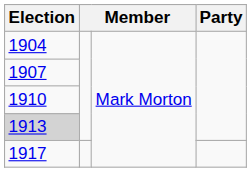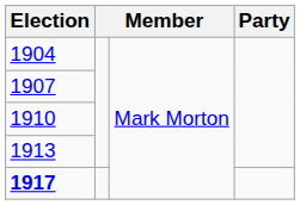 <table class="wikitable">
 <tr>
 <th>Election</th>
 <th colspan="2">Member</th>
 <th>Party</th>
 </tr>
 <tr>
 <td><a href='#'>1904</a></td>
 <td rowspan="4" > </td>
 <td rowspan="5"><a href='#'>Mark Morton</a></td>
 <td rowspan="4"></td>
 </tr>
 <tr>
 <td><a href='#'>1907</a></td>
 </tr>
 <tr>
 <td><a href='#'>1910</a></td>
 </tr>
 <tr>
-<td style="background: lightgrey;"><a href='#'>1913</a></td>
+<td><a href='#'>1913</a></td>
 </tr>
 <tr>
-<td><a href='#'>1917</a></td>
+<td><strong><a href='#'>1917</a></strong></td>
 <td> </td>
 <td></td>
 </tr>
 </table>
